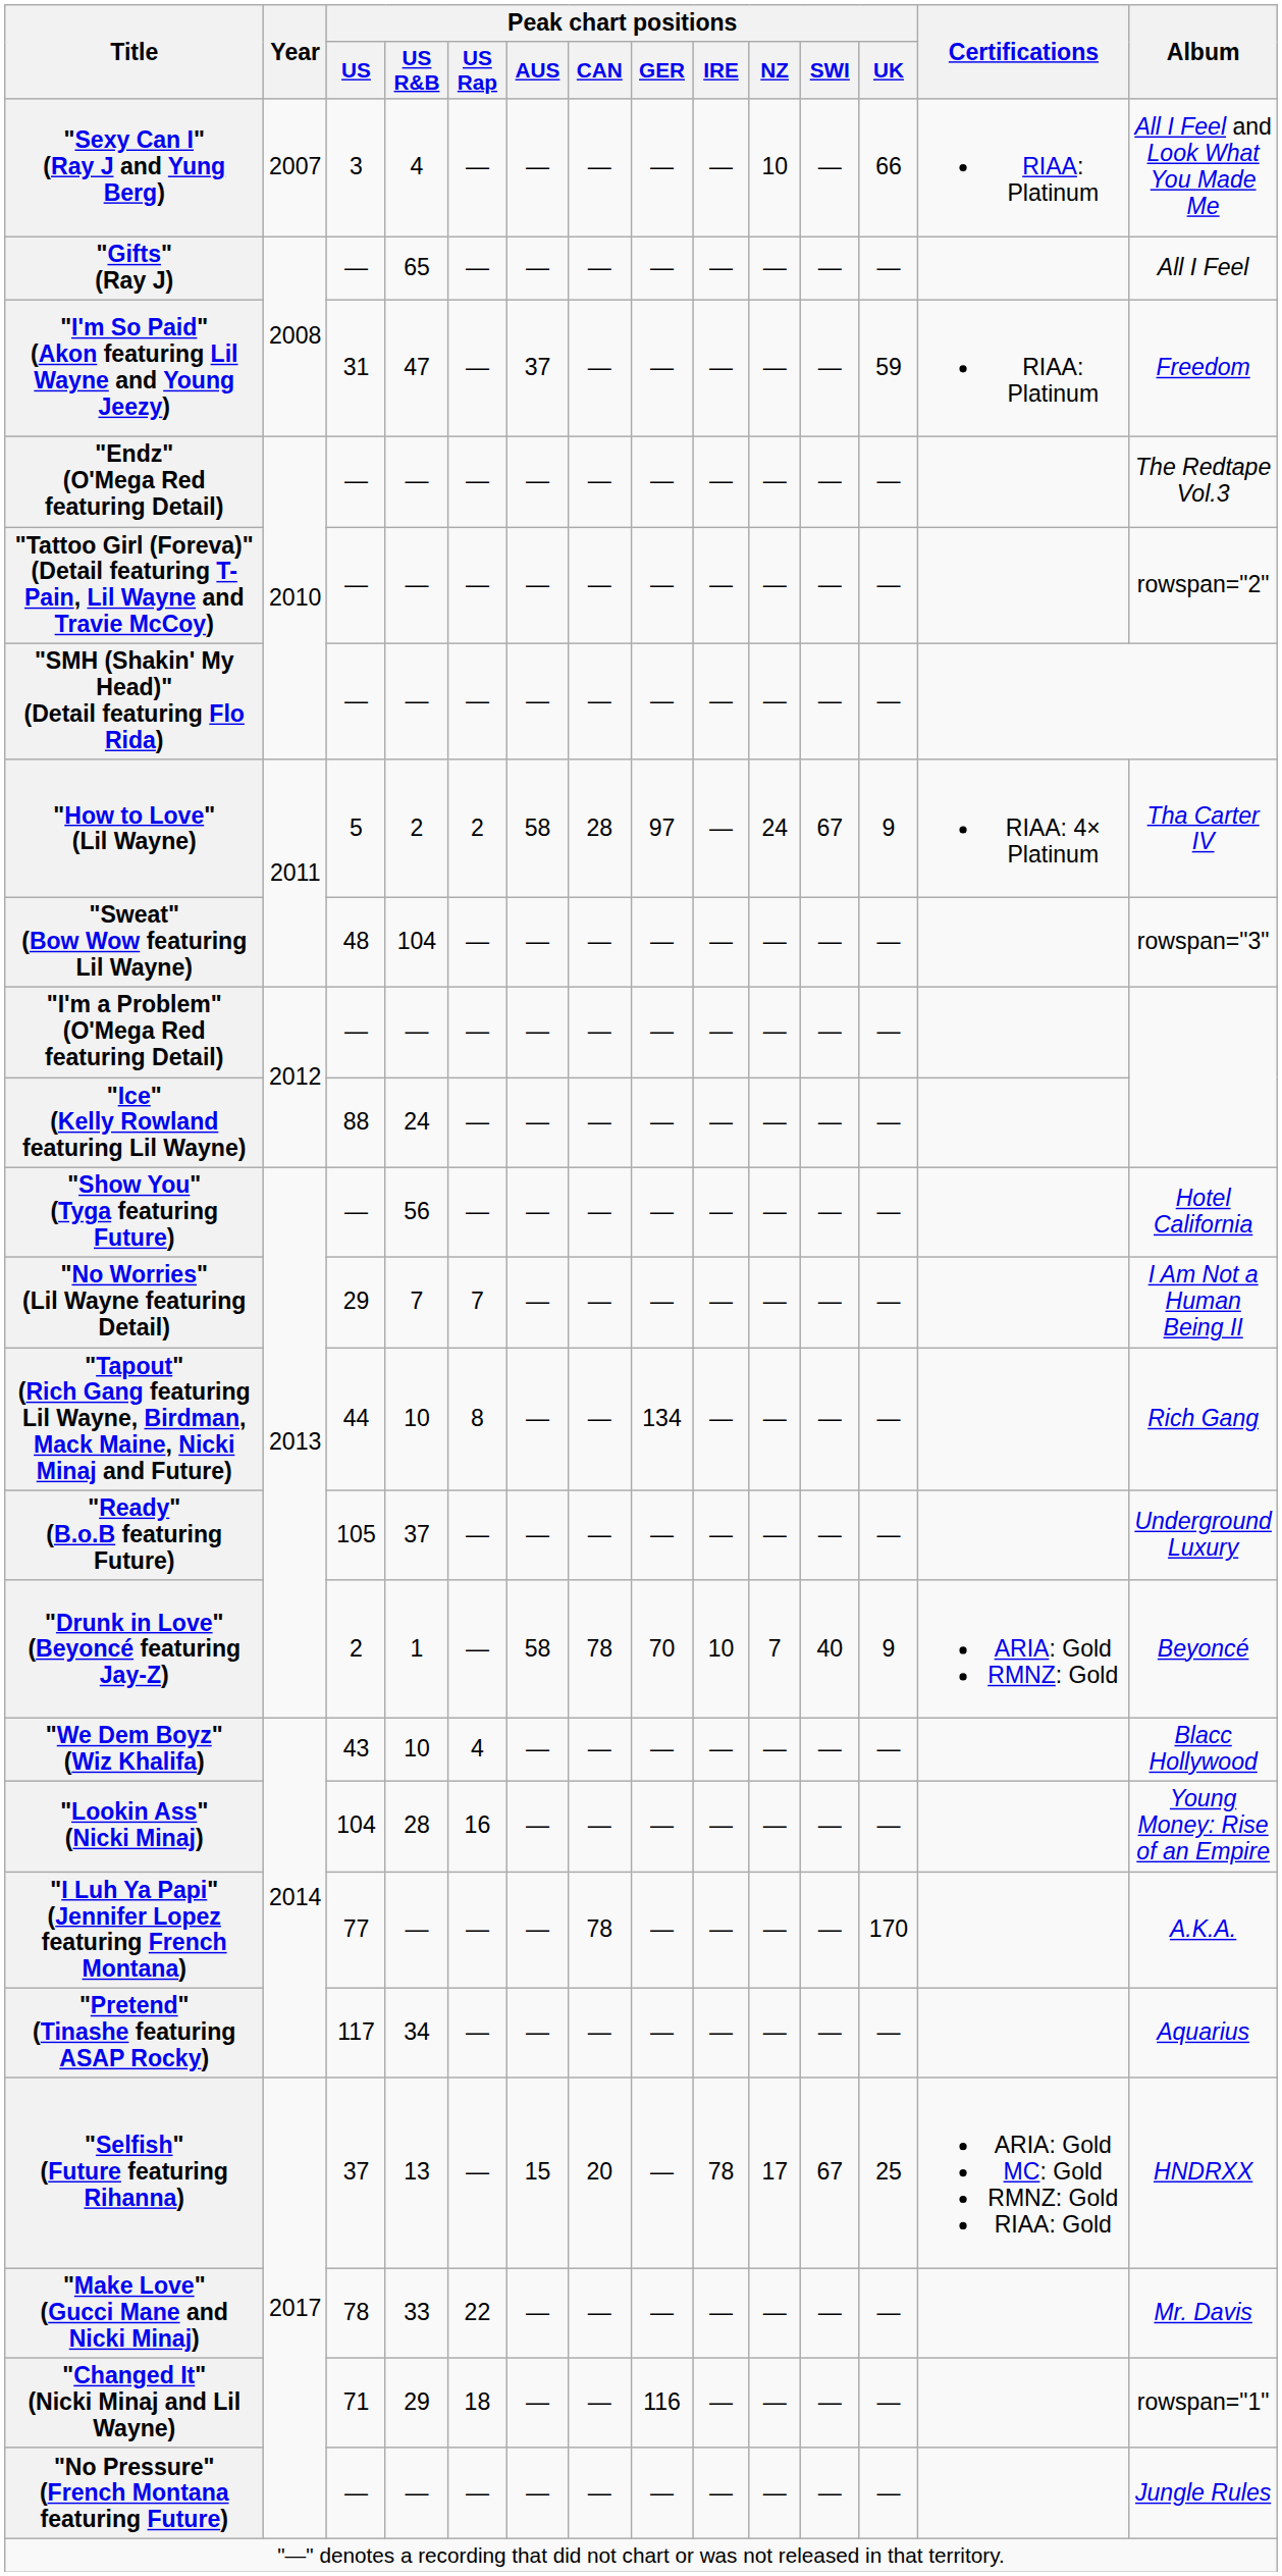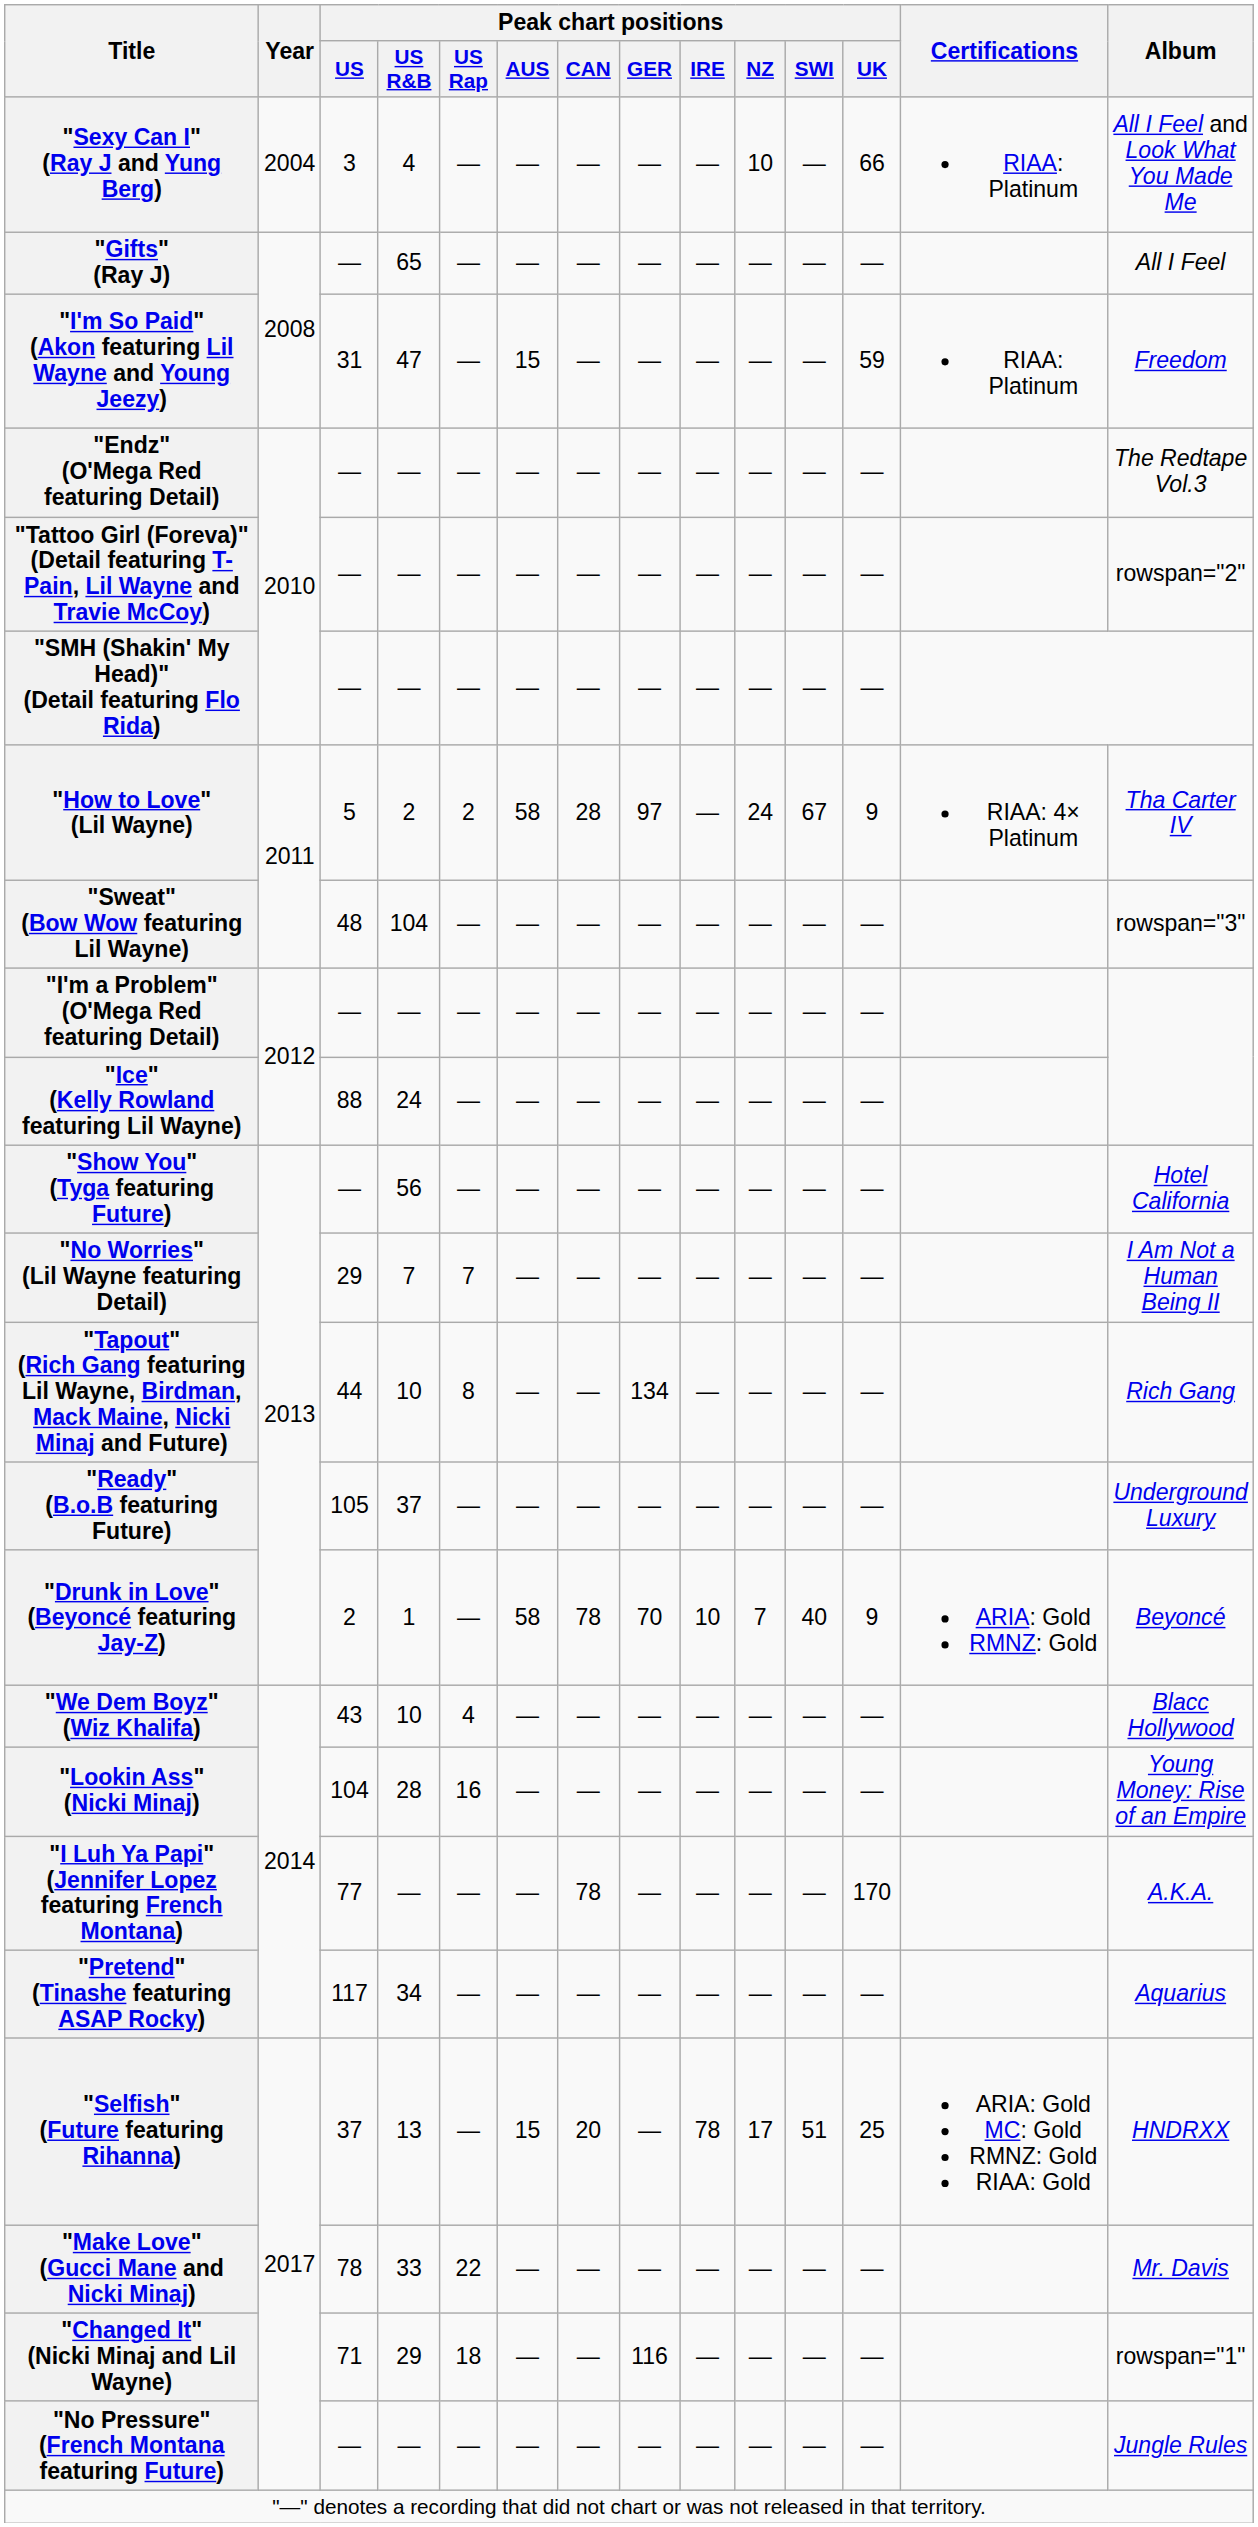 <table class="wikitable plainrowheaders" style="text-align:center;">
 <tr>
 <th scope="col" rowspan="2" style="width:20em;">Title</th>
 <th scope="col" rowspan="2">Year</th>
 <th scope="col" colspan="10">Peak chart positions</th>
 <th scope="col" rowspan="2" style="width:12em;"><a href='#'>Certifications</a></th>
 <th scope="col" rowspan="2">Album</th>
 </tr>
 <tr>
 <th scope="col" style="width:3em;font-size:90%;"><a href='#'>US</a></th>
 <th scope="col" style="width:3em;font-size:90%;"><a href='#'>US R&B</a></th>
 <th scope="col" style="width:3em;font-size:90%;"><a href='#'>US Rap</a></th>
 <th scope="col" style="width:3em;font-size:90%;"><a href='#'>AUS</a></th>
 <th scope="col" style="width:3em;font-size:90%;"><a href='#'>CAN</a></th>
 <th scope="col" style="width:3em;font-size:90%;"><a href='#'>GER</a></th>
 <th scope="col" style="width:3em;font-size:90%;"><a href='#'>IRE</a></th>
 <th scope="col" style="width:3em;font-size:90%;"><a href='#'>NZ</a></th>
 <th scope="col" style="width:3em;font-size:90%;"><a href='#'>SWI</a></th>
 <th scope="col" style="width:3em;font-size:90%;"><a href='#'>UK</a></th>
 </tr>
 <tr>
 <th scope="row">"<a href='#'>Sexy Can I</a>"<br><span>(<a href='#'>Ray J</a> and <a href='#'>Yung Berg</a>)</span></th>
-<td rowspan="1">2007</td>
+<td rowspan="1">2004</td>
 <td>3</td>
 <td>4</td>
 <td>—</td>
 <td>—</td>
 <td>—</td>
 <td>—</td>
 <td>—</td>
 <td>10</td>
 <td>—</td>
 <td>66</td>
 <td><br><ul><li><a href='#'>RIAA</a>: Platinum</li></ul></td>
 <td rowspan="1"><em><a href='#'>All I Feel</a></em> and <em><a href='#'>Look What You Made Me</a></em></td>
 </tr>
 <tr>
 <th scope="row">"<a href='#'>Gifts</a>"<br><span>(Ray J)</span></th>
 <td rowspan="2">2008</td>
 <td>—</td>
 <td>65</td>
 <td>—</td>
 <td>—</td>
 <td>—</td>
 <td>—</td>
 <td>—</td>
 <td>—</td>
 <td>—</td>
 <td>—</td>
 <td></td>
 <td rowspan="1"><em>All I Feel</em></td>
 </tr>
 <tr>
 <th scope="row">"<a href='#'>I'm So Paid</a>"<br><span>(<a href='#'>Akon</a> featuring <a href='#'>Lil Wayne</a> and <a href='#'>Young Jeezy</a>)</span></th>
 <td>31</td>
 <td>47</td>
 <td>—</td>
-<td>37</td>
+<td>15</td>
 <td>—</td>
 <td>—</td>
 <td>—</td>
 <td>—</td>
 <td>—</td>
 <td>59</td>
 <td><br><ul><li>RIAA: Platinum</li></ul></td>
 <td><em><a href='#'>Freedom</a></em></td>
 </tr>
 <tr>
 <th scope="row">"Endz"<br><span>(O'Mega Red featuring Detail)</span></th>
 <td rowspan="3">2010</td>
 <td>—</td>
 <td>—</td>
 <td>—</td>
 <td>—</td>
 <td>—</td>
 <td>—</td>
 <td>—</td>
 <td>—</td>
 <td>—</td>
 <td>—</td>
 <td></td>
 <td><em>The Redtape Vol.3</em></td>
 </tr>
 <tr>
 <th scope="row">"Tattoo Girl (Foreva)"<br><span>(Detail featuring <a href='#'>T-Pain</a>, <a href='#'>Lil Wayne</a> and <a href='#'>Travie McCoy</a>)</span></th>
 <td>—</td>
 <td>—</td>
 <td>—</td>
 <td>—</td>
 <td>—</td>
 <td>—</td>
 <td>—</td>
 <td>—</td>
 <td>—</td>
 <td>—</td>
 <td></td>
 <td>rowspan="2" </td>
 </tr>
 <tr>
 <th scope="row">"SMH (Shakin' My Head)"<br><span>(Detail featuring <a href='#'>Flo Rida</a>)</span></th>
 <td>—</td>
 <td>—</td>
 <td>—</td>
 <td>—</td>
 <td>—</td>
 <td>—</td>
 <td>—</td>
 <td>—</td>
 <td>—</td>
 <td>—</td>
 </tr>
 <tr>
 <th scope="row">"<a href='#'>How to Love</a>"<br><span>(Lil Wayne)</span></th>
 <td rowspan="2">2011</td>
 <td>5</td>
 <td>2</td>
 <td>2</td>
 <td>58</td>
 <td>28</td>
 <td>97</td>
 <td>—</td>
 <td>24</td>
 <td>67</td>
 <td>9</td>
 <td><br><ul><li>RIAA: 4× Platinum</li></ul></td>
 <td rowspan="1"><em><a href='#'>Tha Carter IV</a></em></td>
 </tr>
 <tr>
 <th scope="row">"Sweat"<br><span>(<a href='#'>Bow Wow</a> featuring Lil Wayne)</span></th>
 <td>48</td>
 <td>104</td>
 <td>—</td>
 <td>—</td>
 <td>—</td>
 <td>—</td>
 <td>—</td>
 <td>—</td>
 <td>—</td>
 <td>—</td>
 <td></td>
 <td>rowspan="3" </td>
 </tr>
 <tr>
 <th scope="row">"I'm a Problem"<br><span>(O'Mega Red featuring Detail)</span></th>
 <td rowspan="2">2012</td>
 <td>—</td>
 <td>—</td>
 <td>—</td>
 <td>—</td>
 <td>—</td>
 <td>—</td>
 <td>—</td>
 <td>—</td>
 <td>—</td>
 <td>—</td>
 <td></td>
 </tr>
 <tr>
 <th scope="row">"<a href='#'>Ice</a>"<br><span>(<a href='#'>Kelly Rowland</a> featuring Lil Wayne)</span></th>
 <td>88</td>
 <td>24</td>
 <td>—</td>
 <td>—</td>
 <td>—</td>
 <td>—</td>
 <td>—</td>
 <td>—</td>
 <td>—</td>
 <td>—</td>
 <td></td>
 </tr>
 <tr>
 <th scope="row">"<a href='#'>Show You</a>"<br><span>(<a href='#'>Tyga</a> featuring <a href='#'>Future</a>)</span></th>
 <td rowspan="5">2013</td>
 <td>—</td>
 <td>56</td>
 <td>—</td>
 <td>—</td>
 <td>—</td>
 <td>—</td>
 <td>—</td>
 <td>—</td>
 <td>—</td>
 <td>—</td>
 <td></td>
 <td><em><a href='#'>Hotel California</a></em></td>
 </tr>
 <tr>
 <th scope="row">"<a href='#'>No Worries</a>"<br><span>(Lil Wayne featuring Detail)</span></th>
 <td>29</td>
 <td>7</td>
 <td>7</td>
 <td>—</td>
 <td>—</td>
 <td>—</td>
 <td>—</td>
 <td>—</td>
 <td>—</td>
 <td>—</td>
 <td></td>
 <td rowspan="1"><em><a href='#'>I Am Not a Human Being II</a></em></td>
 </tr>
 <tr>
 <th scope="row">"<a href='#'>Tapout</a>"<br><span>(<a href='#'>Rich Gang</a> featuring Lil Wayne, <a href='#'>Birdman</a>, <a href='#'>Mack Maine</a>, <a href='#'>Nicki Minaj</a> and Future)</span></th>
 <td>44</td>
 <td>10</td>
 <td>8</td>
 <td>—</td>
 <td>—</td>
 <td>134</td>
 <td>—</td>
 <td>—</td>
 <td>—</td>
 <td>—</td>
 <td></td>
 <td><em><a href='#'>Rich Gang</a></em></td>
 </tr>
 <tr>
 <th scope="row">"<a href='#'>Ready</a>"<br><span>(<a href='#'>B.o.B</a> featuring Future)</span></th>
 <td>105</td>
 <td>37</td>
 <td>—</td>
 <td>—</td>
 <td>—</td>
 <td>—</td>
 <td>—</td>
 <td>—</td>
 <td>—</td>
 <td>—</td>
 <td></td>
 <td><em><a href='#'>Underground Luxury</a></em></td>
 </tr>
 <tr>
 <th scope="row">"<a href='#'>Drunk in Love</a>"<br><span>(<a href='#'>Beyoncé</a> featuring <a href='#'>Jay-Z</a>)</span></th>
 <td>2</td>
 <td>1</td>
 <td>—</td>
 <td>58</td>
 <td>78</td>
 <td>70</td>
 <td>10</td>
 <td>7</td>
 <td>40</td>
 <td>9</td>
 <td><br><ul><li><a href='#'>ARIA</a>: Gold</li><li><a href='#'>RMNZ</a>: Gold</li></ul></td>
 <td><em><a href='#'>Beyoncé</a></em></td>
 </tr>
 <tr>
 <th scope="row">"<a href='#'>We Dem Boyz</a>"<br><span>(<a href='#'>Wiz Khalifa</a>)</span></th>
 <td rowspan="4">2014</td>
 <td>43</td>
 <td>10</td>
 <td>4</td>
 <td>—</td>
 <td>—</td>
 <td>—</td>
 <td>—</td>
 <td>—</td>
 <td>—</td>
 <td>—</td>
 <td></td>
 <td><em><a href='#'>Blacc Hollywood</a></em></td>
 </tr>
 <tr>
 <th scope="row">"<a href='#'>Lookin Ass</a>"<br><span>(<a href='#'>Nicki Minaj</a>)</span></th>
 <td>104</td>
 <td>28</td>
 <td>16</td>
 <td>—</td>
 <td>—</td>
 <td>—</td>
 <td>—</td>
 <td>—</td>
 <td>—</td>
 <td>—</td>
 <td></td>
 <td rowspan="1"><em><a href='#'>Young Money: Rise of an Empire</a></em></td>
 </tr>
 <tr>
 <th scope="row">"<a href='#'>I Luh Ya Papi</a>"<br><span>(<a href='#'>Jennifer Lopez</a> featuring <a href='#'>French Montana</a>)</span></th>
 <td>77</td>
 <td>—</td>
 <td>—</td>
 <td>—</td>
 <td>78</td>
 <td>—</td>
 <td>—</td>
 <td>—</td>
 <td>—</td>
 <td>170</td>
 <td></td>
 <td rowspan="1"><em><a href='#'>A.K.A.</a></em></td>
 </tr>
 <tr>
 <th scope="row">"<a href='#'>Pretend</a>"<br><span>(<a href='#'>Tinashe</a> featuring <a href='#'>ASAP Rocky</a>)</span></th>
 <td>117</td>
 <td>34</td>
 <td>—</td>
 <td>—</td>
 <td>—</td>
 <td>—</td>
 <td>—</td>
 <td>—</td>
 <td>—</td>
 <td>—</td>
 <td></td>
 <td rowspan="1"><em><a href='#'>Aquarius</a></em></td>
 </tr>
 <tr>
 <th scope="row">"<a href='#'>Selfish</a>"<br><span>(<a href='#'>Future</a> featuring <a href='#'>Rihanna</a>)</span></th>
 <td rowspan="4">2017</td>
 <td>37</td>
 <td>13</td>
 <td>—</td>
 <td>15</td>
 <td>20</td>
 <td>—</td>
 <td>78</td>
 <td>17</td>
-<td>67</td>
+<td>51</td>
 <td>25</td>
 <td><br><ul><li>ARIA: Gold</li><li><a href='#'>MC</a>: Gold</li><li>RMNZ: Gold</li><li>RIAA: Gold</li></ul></td>
 <td><em><a href='#'>HNDRXX</a></em></td>
 </tr>
 <tr>
 <th scope="row">"<a href='#'>Make Love</a>"<br><span>(<a href='#'>Gucci Mane</a> and <a href='#'>Nicki Minaj</a>)</span></th>
 <td>78</td>
 <td>33</td>
 <td>22</td>
 <td>—</td>
 <td>—</td>
 <td>—</td>
 <td>—</td>
 <td>—</td>
 <td>—</td>
 <td>—</td>
 <td></td>
 <td><em><a href='#'>Mr. Davis</a></em></td>
 </tr>
 <tr>
 <th scope="row">"<a href='#'>Changed It</a>"<br><span>(Nicki Minaj and Lil Wayne)</span></th>
 <td>71</td>
 <td>29</td>
 <td>18</td>
 <td>—</td>
 <td>—</td>
 <td>116</td>
 <td>—</td>
 <td>—</td>
 <td>—</td>
 <td>—</td>
 <td></td>
 <td>rowspan="1" </td>
 </tr>
 <tr>
 <th scope="row">"No Pressure"<br><span>(<a href='#'>French Montana</a> featuring <a href='#'>Future</a>)</span></th>
 <td>—</td>
 <td>—</td>
 <td>—</td>
 <td>—</td>
 <td>—</td>
 <td>—</td>
 <td>—</td>
 <td>—</td>
 <td>—</td>
 <td>—</td>
 <td></td>
 <td rowspan="1"><em><a href='#'>Jungle Rules</a></em></td>
 </tr>
 <tr>
 <td colspan="14" style="font-size:90%">"—" denotes a recording that did not chart or was not released in that territory.</td>
 </tr>
 </table>
